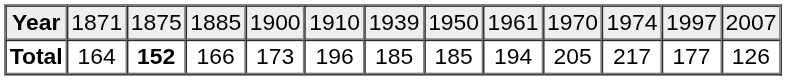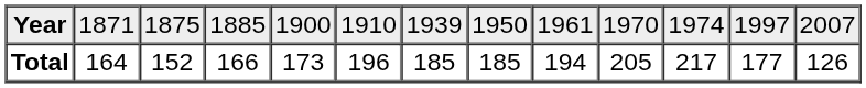 <table border="1" cellpadding="2" cellspacing="0" width="500">
 <tr bgcolor="#eeeeee" align="center">
 <td><strong>Year</strong></td>
 <td>1871</td>
 <td>1875</td>
 <td>1885</td>
 <td>1900</td>
 <td>1910</td>
 <td>1939</td>
 <td>1950</td>
 <td>1961</td>
 <td>1970</td>
 <td>1974</td>
 <td>1997</td>
 <td>2007</td>
 </tr>
 <tr align="center">
 <td><strong>Total</strong></td>
 <td>164</td>
-<td><strong>152</strong></td>
+<td>152</td>
 <td>166</td>
 <td>173</td>
 <td>196</td>
 <td>185</td>
 <td>185</td>
 <td>194</td>
 <td>205</td>
 <td>217</td>
 <td>177</td>
 <td>126</td>
 </tr>
 </table>
